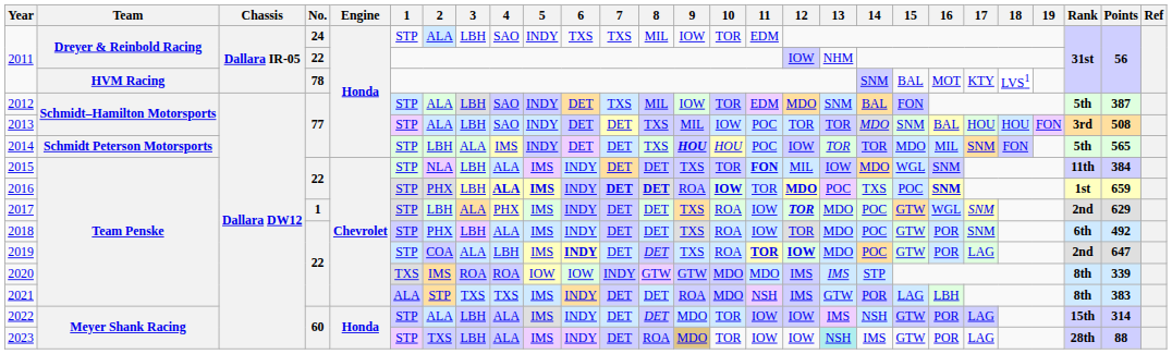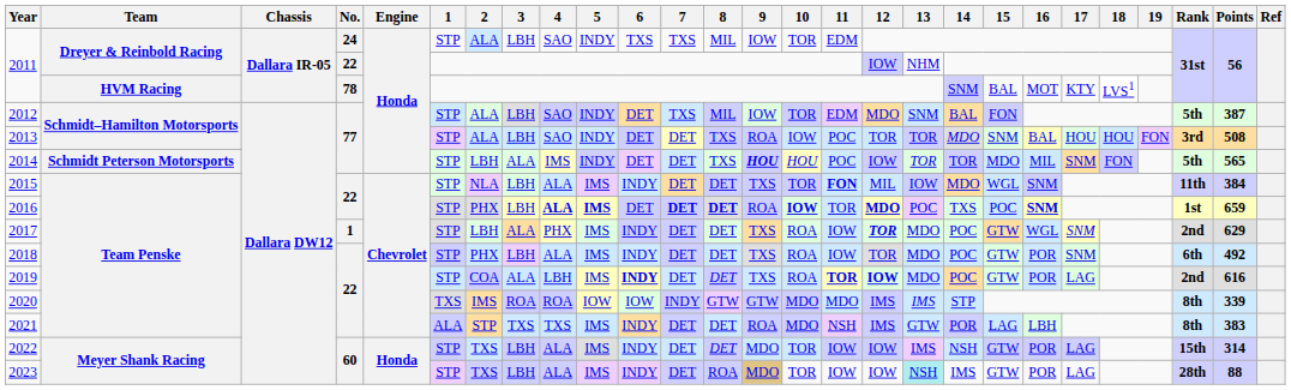 <table class="wikitable" style="text-align:center; font-size:85%;">
 <tr>
 <th>Year</th>
 <th>Team</th>
 <th>Chassis</th>
 <th>No.</th>
 <th>Engine</th>
 <th>1</th>
 <th>2</th>
 <th>3</th>
 <th>4</th>
 <th>5</th>
 <th>6</th>
 <th>7</th>
 <th>8</th>
 <th>9</th>
 <th>10</th>
 <th>11</th>
 <th>12</th>
 <th>13</th>
 <th>14</th>
 <th>15</th>
 <th>16</th>
 <th>17</th>
 <th>18</th>
 <th>19</th>
 <th>Rank</th>
 <th>Points</th>
 <th>Ref</th>
 </tr>
 <tr>
 <td rowspan=3><a href='#'>2011</a></td>
 <th rowspan=2 nowrap><a href='#'>Dreyer & Reinbold Racing</a></th>
 <th rowspan=3 nowrap><a href='#'>Dallara</a> IR-05</th>
 <th>24</th>
 <th rowspan=6><a href='#'>Honda</a></th>
 <td><a href='#'>STP</a></td>
 <td style="background:#CFEAFF;"><a href='#'>ALA</a><br></td>
 <td><a href='#'>LBH</a></td>
 <td><a href='#'>SAO</a></td>
 <td><a href='#'>INDY</a></td>
 <td><a href='#'>TXS</a></td>
 <td><a href='#'>TXS</a></td>
 <td><a href='#'>MIL</a></td>
 <td><a href='#'>IOW</a></td>
 <td><a href='#'>TOR</a></td>
 <td><a href='#'>EDM</a></td>
 <td colspan=8></td>
 <th rowspan=3 style="background:#CFCFFF;">31st</th>
 <th rowspan=3 style="background:#CFCFFF;">56</th>
 <th rowspan=3></th>
 </tr>
 <tr>
 <th>22</th>
 <td colspan=11></td>
 <td style="background:#CFCFFF;"><a href='#'>IOW</a><br></td>
 <td><a href='#'>NHM</a></td>
 </tr>
 <tr>
 <th nowrap><a href='#'>HVM Racing</a></th>
 <th>78</th>
 <td colspan=13></td>
 <td style="background:#CFCFFF;"><a href='#'>SNM</a><br></td>
 <td><a href='#'>BAL</a></td>
 <td><a href='#'>MOT</a></td>
 <td><a href='#'>KTY</a></td>
 <td style="background:#FFFFFF"><a href='#'>LVS<sup>1</sup></a><br></td>
 <td></td>
 </tr>
 <tr>
 <td><a href='#'>2012</a></td>
 <th rowspan=2 nowrap><a href='#'>Schmidt–Hamilton Motorsports</a></th>
 <th rowspan=12 nowrap><a href='#'>Dallara</a> <a href='#'>DW12</a></th>
 <th rowspan=3>77</th>
 <td style="background:#CFEAFF;"><a href='#'>STP</a><br></td>
 <td style="background:#DFFFDF;"><a href='#'>ALA</a><br></td>
 <td style="background:#DFDFDF;"><a href='#'>LBH</a><br></td>
 <td style="background:#CFCFFF;"><a href='#'>SAO</a><br></td>
 <td style="background:#CFCFFF;"><a href='#'>INDY</a><br></td>
 <td style="background:#FFDF9F;"><a href='#'>DET</a><br></td>
 <td style="background:#CFEAFF;"><a href='#'>TXS</a><br></td>
 <td style="background:#CFCFFF;"><a href='#'>MIL</a><br></td>
 <td style="background:#DFFFDF;"><a href='#'>IOW</a><br></td>
 <td style="background:#CFCFFF;"><a href='#'>TOR</a><br></td>
 <td style="background:#efcfff;"><a href='#'>EDM</a><br></td>
 <td style="background:#FFDF9F;"><a href='#'>MDO</a><br></td>
 <td style="background:#CFEAFF;"><a href='#'>SNM</a><br></td>
 <td style="background:#FFDF9F;"><a href='#'>BAL</a><br></td>
 <td style="background:#CFCFFF;"><a href='#'>FON</a><br></td>
 <td colspan=4></td>
 <th style="background:#DFFFDF;">5th</th>
 <th style="background:#DFFFDF;">387</th>
 <th></th>
 </tr>
 <tr>
 <td><a href='#'>2013</a></td>
 <td style="background:#EFCFFF;"><a href='#'>STP</a><br></td>
 <td style="background:#CFEAFF;"><a href='#'>ALA</a><br></td>
 <td style="background:#CFEAFF;"><a href='#'>LBH</a><br></td>
 <td style="background:#CFEAFF;"><a href='#'>SAO</a><br></td>
 <td style="background:#CFEAFF;"><a href='#'>INDY</a><br></td>
 <td style="background:#CFCFFF;"><a href='#'>DET</a><br></td>
 <td style="background:#FFFFBF;"><a href='#'>DET</a><br></td>
 <td style="background:#CFCFFF;"><a href='#'>TXS</a><br></td>
-<td style="background:#CFCFFF;"><a href='#'>MIL</a><br></td>
+<td style="background:#CFCFFF;"><a href='#'>ROA</a><br></td>
 <td style="background:#CFEAFF;"><a href='#'>IOW</a><br></td>
 <td style="background:#CFEAFF;"><a href='#'>POC</a><br></td>
 <td style="background:#CFEAFF;"><a href='#'>TOR</a><br></td>
 <td style="background:#CFCFFF;"><a href='#'>TOR</a><br></td>
 <td style="background:#DFDFDF;"><em><a href='#'>MDO</a></em><br></td>
 <td style="background:#DFFFDF;"><a href='#'>SNM</a><br></td>
 <td style="background:#FFFFBF;"><a href='#'>BAL</a><br></td>
 <td style="background:#DFFFDF;"><a href='#'>HOU</a><br></td>
 <td style="background:#CFEAFF;"><a href='#'>HOU</a><br></td>
 <td style="background:#EFCFFF;"><a href='#'>FON</a><br></td>
 <th style="background:#FFDF9F;">3rd</th>
 <th style="background:#FFDF9F;">508</th>
 <th></th>
 </tr>
 <tr>
 <td><a href='#'>2014</a></td>
 <th nowrap><a href='#'>Schmidt Peterson Motorsports</a></th>
 <td style="background:#DFFFDF;"><a href='#'>STP</a><br></td>
 <td style="background:#DFFFDF;"><a href='#'>LBH</a><br></td>
 <td style="background:#DFFFDF;"><a href='#'>ALA</a><br></td>
 <td style="background:#FFFFBF;"><a href='#'>IMS</a><br></td>
 <td style="background:#CFCFFF;"><a href='#'>INDY</a><br></td>
 <td style="background:#EFCFFF;"><a href='#'>DET</a><br></td>
 <td style="background:#CFEAFF;"><a href='#'>DET</a><br></td>
 <td style="background:#DFFFDF;"><a href='#'>TXS</a><br></td>
 <td style="background:#CFCFFF;"><strong><em><a href='#'>HOU</a></em></strong><br></td>
 <td style="background:#FFFFBF;"><em><a href='#'>HOU</a></em><br></td>
 <td style="background:#CFEAFF;"><a href='#'>POC</a><br></td>
 <td style="background:#CFCFFF;"><a href='#'>IOW</a><br></td>
 <td style="background:#DFFFDF;"><em><a href='#'>TOR</a></em><br></td>
 <td style="background:#CFCFFF;"><a href='#'>TOR</a><br></td>
 <td style="background:#CFEAFF;"><a href='#'>MDO</a><br></td>
 <td style="background:#CFEAFF;"><a href='#'>MIL</a><br></td>
 <td style="background:#FFDF9F;"><a href='#'>SNM</a><br></td>
 <td style="background:#CFCFFF;"><a href='#'>FON</a><br></td>
 <td></td>
 <th style="background:#DFFFDF;">5th</th>
 <th style="background:#DFFFDF;">565</th>
 <th></th>
 </tr>
 <tr>
 <td><a href='#'>2015</a></td>
 <th rowspan=7 nowrap><a href='#'>Team Penske</a></th>
 <th rowspan=2>22</th>
 <th rowspan=7><a href='#'>Chevrolet</a></th>
 <td style="background:#DFFFDF;"><a href='#'>STP</a><br></td>
 <td style="background:#EFCFFF;"><a href='#'>NLA</a><br></td>
 <td style="background:#DFFFDF;"><a href='#'>LBH</a><br></td>
 <td style="background:#CFEAFF;"><a href='#'>ALA</a><br></td>
 <td style="background:#EFCFFF;"><a href='#'>IMS</a><br></td>
 <td style="background:#CFEAFF;"><a href='#'>INDY</a><br></td>
 <td style="background:#FFDF9F;"><a href='#'>DET</a><br></td>
 <td style="background:#CFCFFF;"><a href='#'>DET</a><br></td>
 <td style="background:#CFCFFF;"><a href='#'>TXS</a><br></td>
 <td style="background:#CFCFFF;"><a href='#'>TOR</a><br></td>
 <td style="background:#CFEAFF;"><strong><a href='#'>FON</a></strong><br></td>
 <td style="background:#CFEAFF;"><a href='#'>MIL</a><br></td>
 <td style="background:#CFCFFF;"><a href='#'>IOW</a><br></td>
 <td style="background:#FFDF9F;"><a href='#'>MDO</a><br></td>
 <td style="background:#CFEAFF;"><a href='#'>WGL</a><br></td>
 <td style="background:#CFCFFF;"><a href='#'>SNM</a><br></td>
 <td colspan=3></td>
 <th style="background:#CFCFFF;">11th</th>
 <th style="background:#CFCFFF;">384</th>
 <th></th>
 </tr>
 <tr>
 <td><a href='#'>2016</a></td>
 <td style="background:#DFDFDF;"><a href='#'>STP</a><br></td>
 <td style="background:#DFDFDF;"><a href='#'>PHX</a><br></td>
 <td style="background:#FFFFBF;"><a href='#'>LBH</a><br></td>
 <td style="background:#FFFFBF;"><strong><a href='#'>ALA</a></strong><br></td>
 <td style="background:#FFFFBF;"><strong><a href='#'>IMS</a></strong><br></td>
-<td style="background:#CFCFFF;"><a href='#'>INDY</a><br></td>
+<td style="background:#CFCFFF;"><a href='#'>DET</a><br></td>
 <td style="background:#CFCFFF;"><strong><a href='#'>DET</a></strong><br></td>
 <td style="background:#DFDFDF;"><strong><a href='#'>DET</a></strong><br></td>
 <td style="background:#CFCFFF;"><a href='#'>ROA</a><br></td>
 <td style="background:#DFFFDF;"><strong><a href='#'>IOW</a></strong><br></td>
 <td style="background:#CFEAFF;"><a href='#'>TOR</a><br></td>
 <td style="background:#FFFFBF;"><strong><a href='#'>MDO</a></strong><br></td>
 <td style="background:#EFCFFF;"><a href='#'>POC</a><br></td>
 <td style="background:#DFFFDF;"><a href='#'>TXS</a><br></td>
 <td style="background:#CFEAFF;"><a href='#'>POC</a><br></td>
 <td style="background:#FFFFBF;"><strong><a href='#'>SNM</a></strong><br></td>
 <td colspan=3></td>
 <th style="background:#FFFFBF;">1st</th>
 <th style="background:#FFFFBF;">659</th>
 <th></th>
 </tr>
 <tr>
 <td><a href='#'>2017</a></td>
 <th>1</th>
 <td style="background:#DFDFDF;"><a href='#'>STP</a><br></td>
 <td style="background:#DFFFDF;"><a href='#'>LBH</a><br></td>
 <td style="background:#FFDF9F;"><a href='#'>ALA</a><br></td>
 <td style="background:#FFFFBF;"><a href='#'>PHX</a><br></td>
 <td style="background:#DFFFDF;"><a href='#'>IMS</a><br></td>
 <td style="background:#CFCFFF;"><a href='#'>INDY</a><br></td>
 <td style="background:#CFCFFF;"><a href='#'>DET</a><br></td>
 <td style="background:#DFFFDF;"><a href='#'>DET</a><br></td>
 <td style="background:#FFDF9F;"><a href='#'>TXS</a><br></td>
 <td style="background:#DFFFDF;"><a href='#'>ROA</a><br></td>
 <td style="background:#CFEAFF;"><a href='#'>IOW</a><br></td>
 <td style="background:#DFFFDF;"><strong><em><a href='#'>TOR</a></em></strong><br></td>
 <td style="background:#DFFFDF;"><a href='#'>MDO</a><br></td>
 <td style="background:#DFFFDF;"><a href='#'>POC</a><br></td>
 <td style="background:#FFDF9F;"><a href='#'>GTW</a><br></td>
 <td style="background:#CFEAFF;"><a href='#'>WGL</a><br></td>
 <td style="background:#FFFFBF;"><em><a href='#'>SNM</a></em><br></td>
 <td colspan=2></td>
 <th style="background:#DFDFDF;">2nd</th>
 <th style="background:#DFDFDF;">629</th>
 <th></th>
 </tr>
 <tr>
 <td><a href='#'>2018</a></td>
 <th rowspan=4>22</th>
 <td style="background:#CFCFFF;"><a href='#'>STP</a><br></td>
 <td style="background:#CFEAFF;"><a href='#'>PHX</a><br></td>
 <td style="background:#EFCFFF;"><a href='#'>LBH</a><br></td>
 <td style="background:#CFEAFF;"><a href='#'>ALA</a><br></td>
 <td style="background:#CFEAFF;"><a href='#'>IMS</a><br></td>
 <td style="background:#CFEAFF;"><a href='#'>INDY</a><br></td>
 <td style="background:#CFCFFF;"><a href='#'>DET</a><br></td>
 <td style="background:#CFEAFF;"><a href='#'>DET</a><br></td>
 <td style="background:#DFDFDF;"><a href='#'>TXS</a><br></td>
 <td style="background:#CFEAFF;"><a href='#'>ROA</a><br></td>
 <td style="background:#CFEAFF;"><a href='#'>IOW</a><br></td>
 <td style="background:#DFDFDF;"><a href='#'>TOR</a><br></td>
 <td style="background:#CFEAFF;"><a href='#'>MDO</a><br></td>
 <td style="background:#CFEAFF;"><a href='#'>POC</a><br></td>
 <td style="background:#DFFFDF;"><a href='#'>GTW</a><br></td>
 <td style="background:#CFEAFF;"><a href='#'>POR</a><br></td>
 <td style="background:#DFFFDF;"><a href='#'>SNM</a><br></td>
 <td colspan=2></td>
 <th style="background:#CFEAFF;">6th</th>
 <th style="background:#CFEAFF;">492</th>
 <th></th>
 </tr>
 <tr>
 <td><a href='#'>2019</a></td>
 <td style="background:#CFEAFF;"><a href='#'>STP</a><br></td>
 <td style="background:#CFCFFF;"><a href='#'>COA</a><br></td>
 <td style="background:#CFEAFF;"><a href='#'>ALA</a><br></td>
 <td style="background:#CFEAFF;"><a href='#'>LBH</a><br></td>
 <td style="background:#FFFFBF;"><a href='#'>IMS</a><br></td>
 <td style="background:#FFFFBF;"><strong><a href='#'>INDY</a></strong><br></td>
 <td style="background:#CFEAFF;"><a href='#'>DET</a><br></td>
 <td style="background:#CFCFFF;"><em><a href='#'>DET</a></em><br></td>
 <td style="background:#CFEAFF;"><a href='#'>TXS</a><br></td>
 <td style="background:#CFEAFF;"><a href='#'>ROA</a><br></td>
 <td style="background:#FFFFBF;"><strong><a href='#'>TOR</a></strong><br></td>
 <td style="background:#DFFFDF;"><strong><a href='#'>IOW</a></strong><br></td>
 <td style="background:#CFEAFF;"><a href='#'>MDO</a><br></td>
 <td style="background:#FFDF9F;"><a href='#'>POC</a><br></td>
 <td style="background:#DFFFDF;"><a href='#'>GTW</a><br></td>
 <td style="background:#CFEAFF;"><a href='#'>POR</a><br></td>
 <td style="background:#DFFFDF;"><a href='#'>LAG</a><br></td>
 <td colspan=2></td>
 <th style="background:#DFDFDF;">2nd</th>
-<th style="background:#DFDFDF;">647</th>
+<th style="background:#DFDFDF;">616</th>
 <th></th>
 </tr>
 <tr>
 <td><a href='#'>2020</a></td>
 <td style="background:#DFDFDF;"><a href='#'>TXS</a><br></td>
 <td style="background:#FFDF9F;"><a href='#'>IMS</a><br></td>
 <td style="background:#CFCFFF;"><a href='#'>ROA</a><br></td>
 <td style="background:#CFCFFF;"><a href='#'>ROA</a><br></td>
 <td style="background:#FFFFBF;"><a href='#'>IOW</a><br></td>
 <td style="background:#DFFFDF;"><a href='#'>IOW</a><br></td>
 <td style="background:#CFCFFF;"><a href='#'>INDY</a><br></td>
 <td style="background:#EFCFFF;"><a href='#'>GTW</a><br></td>
 <td style="background:#CFCFFF;"><a href='#'>GTW</a><br></td>
 <td style="background:#CFCFFF;"><a href='#'>MDO</a><br></td>
 <td style="background:#CFEAFF;"><a href='#'>MDO</a><br></td>
 <td style="background:#CFCFFF;"><a href='#'>IMS</a><br></td>
 <td style="background:#CFEAFF;"><em><a href='#'>IMS</a></em><br></td>
 <td style="background:#CFEAFF;"><a href='#'>STP</a><br></td>
 <td colspan=5></td>
 <th style="background:#CFEAFF;">8th</th>
 <th style="background:#CFEAFF;">339</th>
 <th></th>
 </tr>
 <tr>
 <td><a href='#'>2021</a></td>
 <td style="background:#CFCFFF;"><a href='#'>ALA</a><br></td>
 <td style="background:#FFDF9F;"><a href='#'>STP</a><br></td>
 <td style="background:#CFEAFF;"><a href='#'>TXS</a><br></td>
 <td style="background:#CFEAFF;"><a href='#'>TXS</a><br></td>
 <td style="background:#CFEAFF;"><a href='#'>IMS</a><br></td>
 <td style="background:#FFDF9F;"><a href='#'>INDY</a><br></td>
 <td style="background:#CFCFFF;"><a href='#'>DET</a><br></td>
 <td style="background:#CFEAFF;"><a href='#'>DET</a><br></td>
 <td style="background:#CFCFFF;"><a href='#'>ROA</a><br></td>
 <td style="background:#CFCFFF;"><a href='#'>MDO</a><br></td>
 <td style="background:#EFCFFF;"><a href='#'>NSH</a><br></td>
 <td style="background:#CFCFFF;"><a href='#'>IMS</a><br></td>
 <td style="background:#CFEAFF;"><a href='#'>GTW</a><br></td>
 <td style="background:#CFCFFF;"><a href='#'>POR</a><br></td>
 <td style="background:#CFEAFF;"><a href='#'>LAG</a><br></td>
 <td style="background:#DFFFDF;"><a href='#'>LBH</a><br></td>
 <td colspan=3></td>
 <th style="background:#CFEAFF;">8th</th>
 <th style="background:#CFEAFF;">383</th>
 <th></th>
 </tr>
 <tr>
 <td><a href='#'>2022</a></td>
 <th rowspan=2 nowrap><a href='#'>Meyer Shank Racing</a></th>
 <th rowspan=2>60</th>
 <th rowspan=2><a href='#'>Honda</a></th>
 <td style="background:#CFCFFF;"><a href='#'>STP</a><br></td>
-<td style="background:#CFEAFF;"><a href='#'>ALA</a><br></td>
+<td style="background:#CFEAFF;"><a href='#'>TXS</a><br></td>
 <td style="background:#CFCFFF;"><a href='#'>LBH</a><br></td>
 <td style="background:#CFCFFF;"><a href='#'>ALA</a><br></td>
 <td style="background:#DFDFDF;"><a href='#'>IMS</a><br></td>
 <td style="background:#CFEAFF;"><a href='#'>INDY</a><br></td>
 <td style="background:#CFEAFF;"><a href='#'>DET</a><br></td>
 <td style="background:#CFCFFF;"><em><a href='#'>DET</a></em><br></td>
 <td style="background:#CFEAFF;"><a href='#'>MDO</a><br></td>
 <td style="background:#CFEAFF;"><a href='#'>TOR</a><br></td>
 <td style="background:#CFCFFF;"><a href='#'>IOW</a><br></td>
 <td style="background:#CFCFFF;"><a href='#'>IOW</a><br></td>
 <td style="background:#EFCFFF;"><a href='#'>IMS</a><br></td>
 <td style="background:#CFEAFF;"><a href='#'>NSH</a><br></td>
 <td style="background:#CFCFFF;"><a href='#'>GTW</a><br></td>
 <td style="background:#CFCFFF;"><a href='#'>POR</a><br></td>
 <td style="background:#CFCFFF;"><a href='#'>LAG</a><br></td>
 <td colspan=2></td>
 <th style="background:#CFCFFF;">15th</th>
 <th style="background:#CFCFFF;">314</th>
 <th></th>
 </tr>
 <tr>
 <td><a href='#'>2023</a></td>
 <td style="background:#EFCFFF;"><a href='#'>STP</a><br></td>
 <td style="background:#CFCFFF;"><a href='#'>TXS</a><br></td>
 <td style="background:#CFCFFF;"><a href='#'>LBH</a><br></td>
 <td style="background:#CFCFFF;"><a href='#'>ALA</a><br></td>
 <td style="background:#EFCFFF;"><a href='#'>IMS</a><br></td>
 <td style="background:#EFCFFF;"><a href='#'>INDY</a><br></td>
 <td style="background:#CFCFFF;"><a href='#'>DET</a><br></td>
 <td style="background:#CFCFFF;"><a href='#'>ROA</a><br></td>
 <td style="background:#DFC484;"><a href='#'>MDO</a><br></td>
 <td><a href='#'>TOR</a><br></td>
 <td><a href='#'>IOW</a><br></td>
 <td><a href='#'>IOW</a><br></td>
 <td style="background: paleturquoise;"><a href='#'>NSH</a><br></td>
 <td><a href='#'>IMS</a><br></td>
 <td><a href='#'>GTW</a><br></td>
 <td><a href='#'>POR</a><br></td>
 <td><a href='#'>LAG</a><br></td>
 <td colspan=2></td>
 <th style="background:#CFCFFF;">28th</th>
 <th style="background:#CFCFFF;">88</th>
 <th></th>
 </tr>
 </table>
